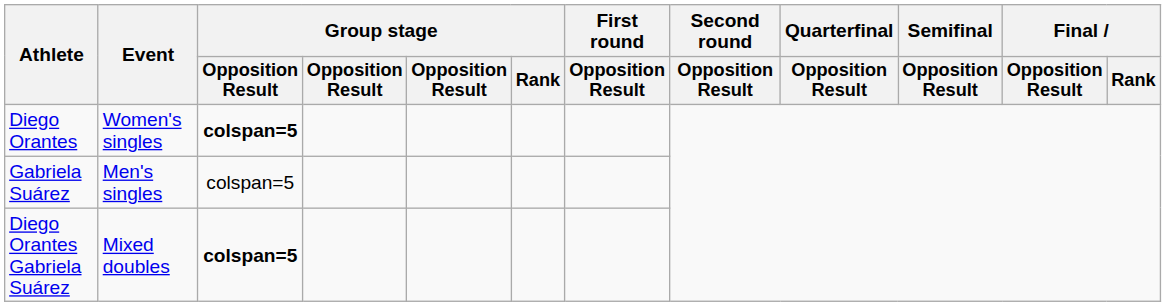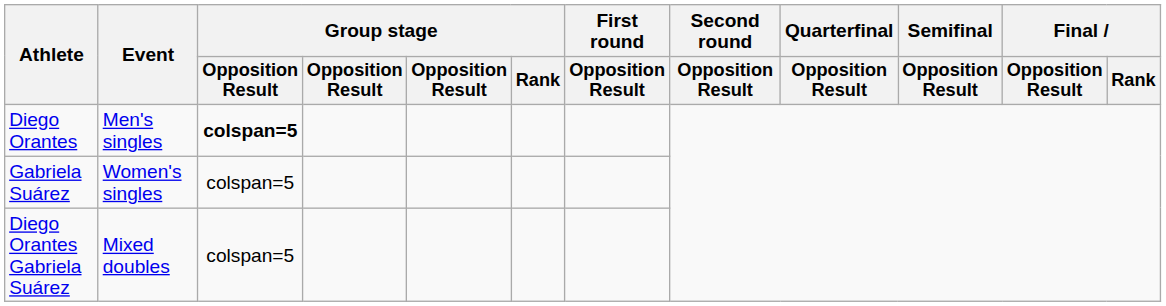 <table class=wikitable style=font-size:90%;text-align:center>
 <tr>
 <th rowspan=2>Athlete</th>
 <th rowspan=2>Event</th>
 <th colspan=4>Group stage</th>
 <th>First round</th>
 <th>Second round</th>
 <th>Quarterfinal</th>
 <th>Semifinal</th>
 <th colspan=2>Final / </th>
 </tr>
 <tr style=font-size:95%>
 <th>Opposition<br>Result</th>
 <th>Opposition<br>Result</th>
 <th>Opposition<br>Result</th>
 <th>Rank</th>
 <th>Opposition<br>Result</th>
 <th>Opposition<br>Result</th>
 <th>Opposition<br>Result</th>
 <th>Opposition<br>Result</th>
 <th>Opposition<br>Result</th>
 <th>Rank</th>
 </tr>
 <tr>
 <td align=left><a href='#'>Diego Orantes</a></td>
-<td align=left><a href='#'>Women's singles</a></td>
+<td align=left><a href='#'>Men's singles</a></td>
 <td><strong>colspan=5 </strong></td>
 <td></td>
 <td></td>
 <td></td>
 <td></td>
 </tr>
 <tr>
 <td align=left><a href='#'>Gabriela Suárez</a></td>
-<td align=left><a href='#'>Men's singles</a></td>
+<td align=left><a href='#'>Women's singles</a></td>
 <td>colspan=5 </td>
 <td></td>
 <td></td>
 <td></td>
 <td></td>
 </tr>
 <tr>
 <td align=left><a href='#'>Diego Orantes</a><br><a href='#'>Gabriela Suárez</a></td>
 <td align=left><a href='#'>Mixed doubles</a></td>
-<td><strong>colspan=5 </strong></td>
+<td>colspan=5 </td>
 <td></td>
 <td></td>
 <td></td>
 <td></td>
 </tr>
 </table>
